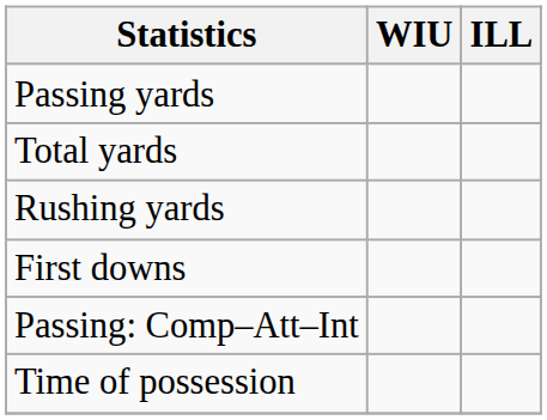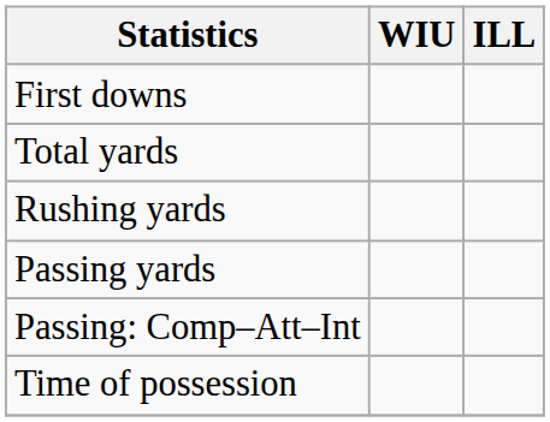 <table class="wikitable" style="float: left;">
 <tr>
 <th>Statistics</th>
 <th>WIU</th>
 <th>ILL</th>
 </tr>
 <tr>
-<td>Passing yards</td>
+<td>First downs</td>
 <td></td>
 <td></td>
 </tr>
 <tr>
 <td>Total yards</td>
 <td></td>
 <td></td>
 </tr>
 <tr>
 <td>Rushing yards</td>
 <td></td>
 <td></td>
 </tr>
 <tr>
-<td>First downs</td>
+<td>Passing yards</td>
 <td></td>
 <td></td>
 </tr>
 <tr>
 <td>Passing: Comp–Att–Int</td>
 <td></td>
 <td></td>
 </tr>
 <tr>
 <td>Time of possession</td>
 <td></td>
 <td></td>
 </tr>
 <tr>
 </tr>
 </table>
